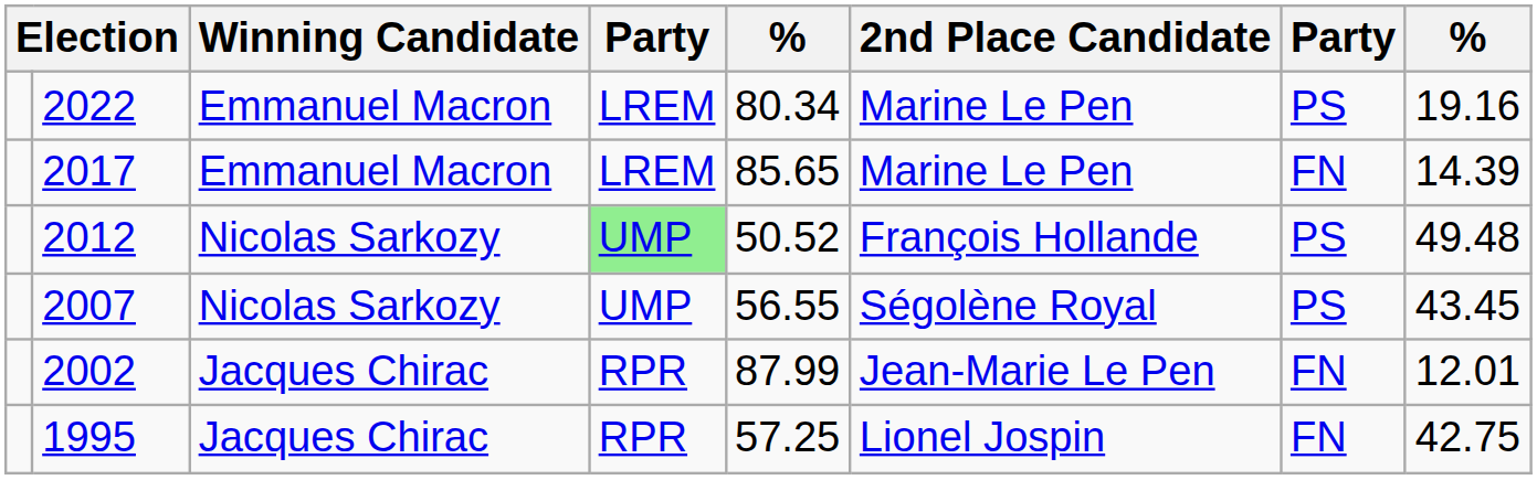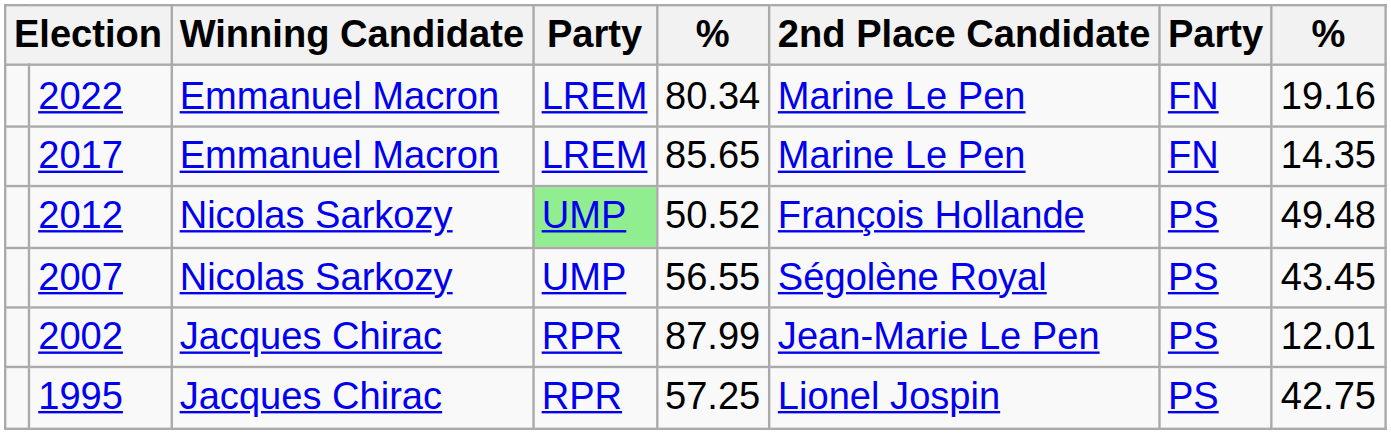 <table class="wikitable">
 <tr>
 <th colspan="2">Election</th>
 <th>Winning Candidate</th>
 <th>Party</th>
 <th>%</th>
 <th>2nd Place Candidate</th>
 <th>Party</th>
 <th>%</th>
 </tr>
 <tr>
 <td style="background-color: "></td>
 <td><a href='#'>2022</a></td>
 <td><a href='#'>Emmanuel Macron</a></td>
 <td><a href='#'>LREM</a></td>
 <td>80.34</td>
 <td><a href='#'>Marine Le Pen</a></td>
-<td><a href='#'>PS</a></td>
+<td><a href='#'>FN</a></td>
 <td>19.16</td>
 </tr>
 <tr>
 <td style="background-color: "></td>
 <td><a href='#'>2017</a></td>
 <td><a href='#'>Emmanuel Macron</a></td>
 <td><a href='#'>LREM</a></td>
 <td>85.65</td>
 <td><a href='#'>Marine Le Pen</a></td>
 <td><a href='#'>FN</a></td>
-<td>14.39</td>
+<td>14.35</td>
 </tr>
 <tr>
 <td style="background-color: "></td>
 <td><a href='#'>2012</a></td>
 <td><a href='#'>Nicolas Sarkozy</a></td>
 <td style="background: lightgreen;"><a href='#'>UMP</a></td>
 <td>50.52</td>
 <td><a href='#'>François Hollande</a></td>
 <td><a href='#'>PS</a></td>
 <td>49.48</td>
 </tr>
 <tr>
 <td style="background-color: "></td>
 <td><a href='#'>2007</a></td>
 <td><a href='#'>Nicolas Sarkozy</a></td>
 <td><a href='#'>UMP</a></td>
 <td>56.55</td>
 <td><a href='#'>Ségolène Royal</a></td>
 <td><a href='#'>PS</a></td>
 <td>43.45</td>
 </tr>
 <tr>
 <td style="background-color: "></td>
 <td><a href='#'>2002</a></td>
 <td><a href='#'>Jacques Chirac</a></td>
 <td><a href='#'>RPR</a></td>
 <td>87.99</td>
 <td><a href='#'>Jean-Marie Le Pen</a></td>
-<td><a href='#'>FN</a></td>
+<td><a href='#'>PS</a></td>
 <td>12.01</td>
 </tr>
 <tr>
 <td style="background-color: "></td>
 <td><a href='#'>1995</a></td>
 <td><a href='#'>Jacques Chirac</a></td>
 <td><a href='#'>RPR</a></td>
 <td>57.25</td>
 <td><a href='#'>Lionel Jospin</a></td>
-<td><a href='#'>FN</a></td>
+<td><a href='#'>PS</a></td>
 <td>42.75</td>
 </tr>
 </table>
